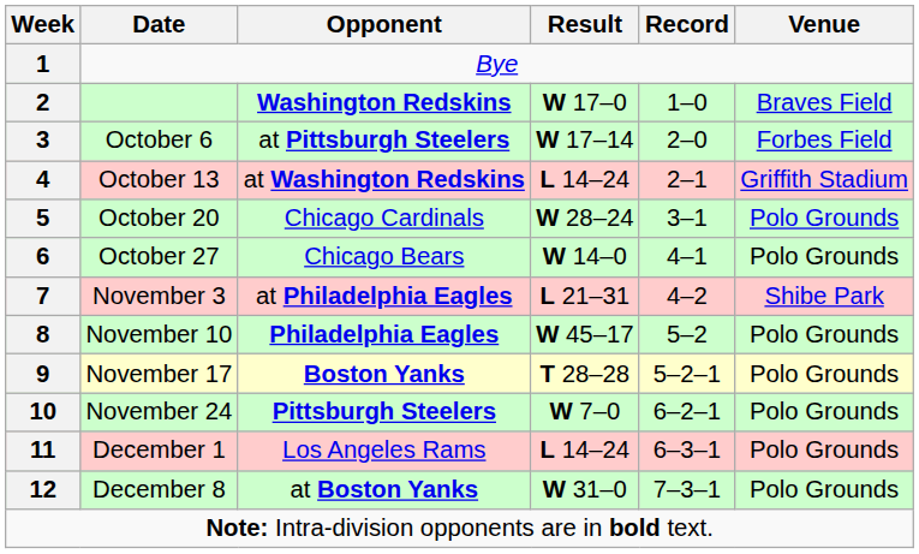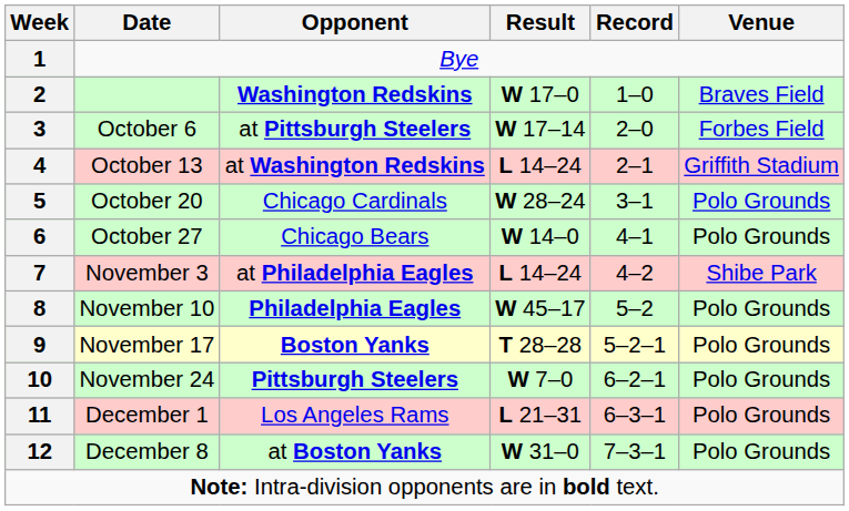 <table class="wikitable" style="text-align:center">
 <tr>
 <th>Week</th>
 <th>Date</th>
 <th>Opponent</th>
 <th>Result</th>
 <th>Record</th>
 <th>Venue</th>
 </tr>
 <tr>
 <th>1</th>
 <td colspan="6"><em><a href='#'>Bye</a></em></td>
 </tr>
 <tr style="background:#cfc">
 <th>2</th>
 <td></td>
 <td><strong><a href='#'>Washington Redskins</a></strong></td>
 <td><strong>W</strong> 17–0</td>
 <td>1–0</td>
 <td><a href='#'>Braves Field</a></td>
 </tr>
 <tr style="background:#cfc">
 <th>3</th>
 <td>October 6</td>
 <td>at <strong><a href='#'>Pittsburgh Steelers</a></strong></td>
 <td><strong>W</strong> 17–14</td>
 <td>2–0</td>
 <td><a href='#'>Forbes Field</a></td>
 </tr>
 <tr style="background:#fcc">
 <th>4</th>
 <td>October 13</td>
 <td>at <strong><a href='#'>Washington Redskins</a></strong></td>
 <td><strong>L</strong> 14–24</td>
 <td>2–1</td>
 <td><a href='#'>Griffith Stadium</a></td>
 </tr>
 <tr style="background:#cfc">
 <th>5</th>
 <td>October 20</td>
 <td><a href='#'>Chicago Cardinals</a></td>
 <td><strong>W</strong> 28–24</td>
 <td>3–1</td>
 <td><a href='#'>Polo Grounds</a></td>
 </tr>
 <tr style="background:#cfc">
 <th>6</th>
 <td>October 27</td>
 <td><a href='#'>Chicago Bears</a></td>
 <td><strong>W</strong> 14–0</td>
 <td>4–1</td>
 <td>Polo Grounds</td>
 </tr>
 <tr style="background:#fcc">
 <th>7</th>
 <td>November 3</td>
 <td>at <strong><a href='#'>Philadelphia Eagles</a></strong></td>
-<td><strong>L</strong> 21–31</td>
+<td><strong>L</strong> 14–24</td>
 <td>4–2</td>
 <td><a href='#'>Shibe Park</a></td>
 </tr>
 <tr style="background:#cfc">
 <th>8</th>
 <td>November 10</td>
 <td><strong><a href='#'>Philadelphia Eagles</a></strong></td>
 <td><strong>W</strong> 45–17</td>
 <td>5–2</td>
 <td>Polo Grounds</td>
 </tr>
 <tr style="background:#ffc">
 <th>9</th>
 <td>November 17</td>
 <td><strong><a href='#'>Boston Yanks</a></strong></td>
 <td><strong>T</strong> 28–28</td>
 <td>5–2–1</td>
 <td>Polo Grounds</td>
 </tr>
 <tr style="background:#cfc">
 <th>10</th>
 <td>November 24</td>
 <td><strong><a href='#'>Pittsburgh Steelers</a></strong></td>
 <td><strong>W</strong> 7–0</td>
 <td>6–2–1</td>
 <td>Polo Grounds</td>
 </tr>
 <tr style="background:#fcc">
 <th>11</th>
 <td>December 1</td>
 <td><a href='#'>Los Angeles Rams</a></td>
-<td><strong>L</strong> 14–24</td>
+<td><strong>L</strong> 21–31</td>
 <td>6–3–1</td>
 <td>Polo Grounds</td>
 </tr>
 <tr style="background:#cfc">
 <th>12</th>
 <td>December 8</td>
 <td>at <strong><a href='#'>Boston Yanks</a></strong></td>
 <td><strong>W</strong> 31–0</td>
 <td>7–3–1</td>
 <td>Polo Grounds</td>
 </tr>
 <tr>
 <td colspan="8"><strong>Note:</strong> Intra-division opponents are in <strong>bold</strong> text.</td>
 </tr>
 </table>
